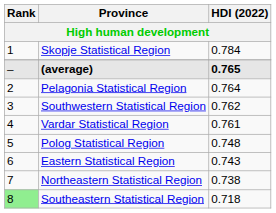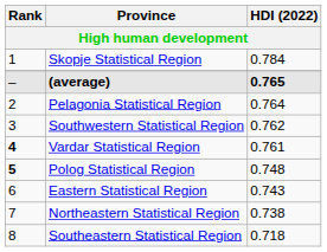 <table class="wikitable sortable">
 <tr>
 <th>Rank</th>
 <th>Province</th>
 <th>HDI (2022)</th>
 </tr>
 <tr>
 <th colspan="3" style="color:#0c0;">High human development</th>
 </tr>
 <tr>
 <td>1</td>
 <td><a href='#'>Skopje Statistical Region</a></td>
 <td>0.784</td>
 </tr>
 <tr>
 </tr>
 <tr style="background:#e6e6e6">
 <td>–</td>
 <td><strong> (average)</strong></td>
 <td><strong>0.765</strong></td>
 </tr>
 <tr>
 <td>2</td>
 <td><a href='#'>Pelagonia Statistical Region</a></td>
 <td>0.764</td>
 </tr>
 <tr>
 <td>3</td>
 <td><a href='#'>Southwestern Statistical Region</a></td>
 <td>0.762</td>
 </tr>
 <tr>
-<td>4</td>
+<td><strong>4</strong></td>
 <td><a href='#'>Vardar Statistical Region</a></td>
 <td>0.761</td>
 </tr>
 <tr>
-<td>5</td>
+<td><strong>5</strong></td>
 <td><a href='#'>Polog Statistical Region</a></td>
 <td>0.748</td>
 </tr>
 <tr>
 <td>6</td>
 <td><a href='#'>Eastern Statistical Region</a></td>
 <td>0.743</td>
 </tr>
 <tr>
 <td>7</td>
 <td><a href='#'>Northeastern Statistical Region</a></td>
 <td>0.738</td>
 </tr>
 <tr>
-<td style="background: lightgreen;">8</td>
+<td>8</td>
 <td><a href='#'>Southeastern Statistical Region</a></td>
 <td>0.718</td>
 </tr>
 </table>
